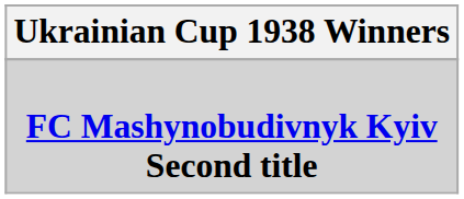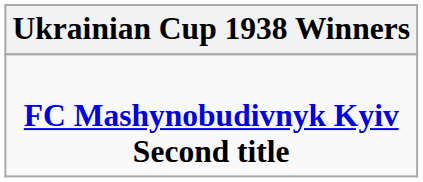 <table class="wikitable" style="text-align: center; margin: 0 auto;">
 <tr>
 <th>Ukrainian Cup 1938 Winners</th>
 </tr>
 <tr>
 </tr>
 <tr>
-<td style="background: lightgrey;"><br><strong><a href='#'>FC Mashynobudivnyk Kyiv</a></strong><br><strong>Second title</strong></td>
+<td><br><strong><a href='#'>FC Mashynobudivnyk Kyiv</a></strong><br><strong>Second title</strong></td>
 </tr>
 </table>
